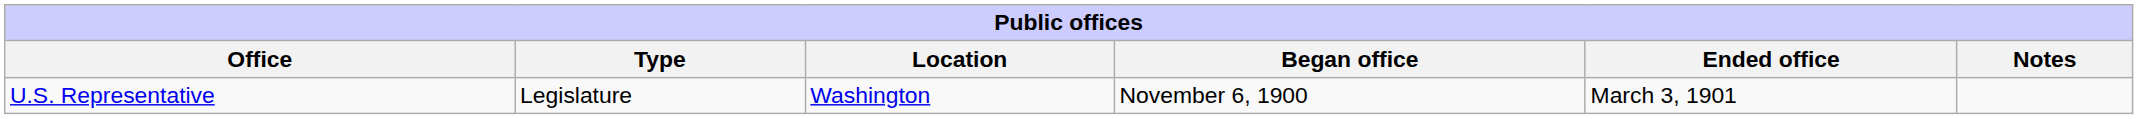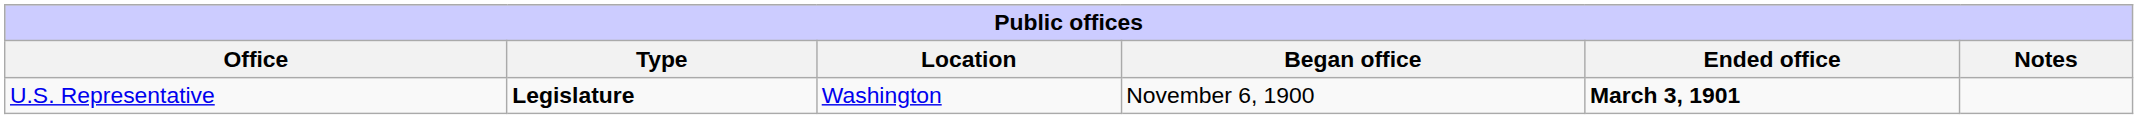 <table class=wikitable style="width: 94%" style="text-align: center;" align="center">
 <tr bgcolor=#cccccc>
 <th colspan=7 style="background: #ccccff;">Public offices</th>
 </tr>
 <tr>
 <th><strong>Office</strong></th>
 <th><strong>Type</strong></th>
 <th><strong>Location</strong></th>
 <th><strong>Began office</strong></th>
 <th><strong>Ended office</strong></th>
 <th><strong>Notes</strong></th>
 </tr>
 <tr>
 <td><a href='#'>U.S. Representative</a></td>
-<td>Legislature</td>
+<td><strong>Legislature</strong></td>
 <td><a href='#'>Washington</a></td>
 <td>November 6, 1900</td>
-<td>March 3, 1901</td>
+<td><strong>March 3, 1901</strong></td>
 <td></td>
 </tr>
 </table>
